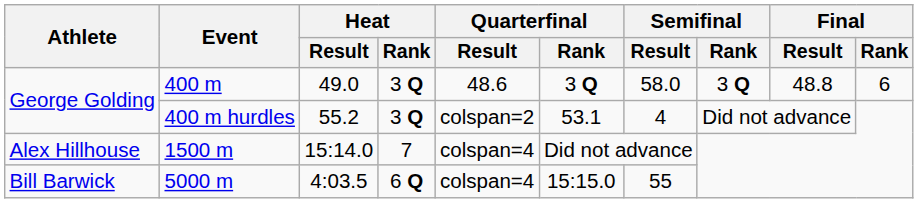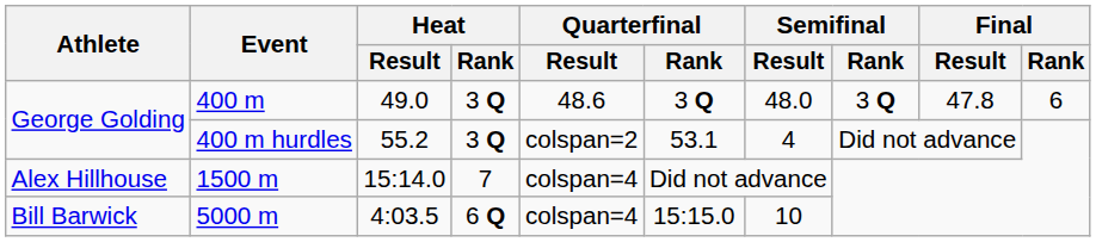 <table class="wikitable" style="font-size:90%">
 <tr>
 <th rowspan=2>Athlete</th>
 <th rowspan=2>Event</th>
 <th colspan=2>Heat</th>
 <th colspan=2>Quarterfinal</th>
 <th colspan=2>Semifinal</th>
 <th colspan=2>Final</th>
 </tr>
 <tr style="font-size:95%">
 <th>Result</th>
 <th>Rank</th>
 <th>Result</th>
 <th>Rank</th>
 <th>Result</th>
 <th>Rank</th>
 <th>Result</th>
 <th>Rank</th>
 </tr>
 <tr align=center>
 <td align=left rowspan=2><a href='#'>George Golding</a></td>
 <td align=left><a href='#'>400 m</a></td>
 <td>49.0</td>
 <td>3 <strong>Q</strong></td>
 <td>48.6</td>
 <td>3 <strong>Q</strong></td>
-<td>58.0</td>
+<td>48.0</td>
 <td>3 <strong>Q</strong></td>
-<td>48.8</td>
+<td>47.8</td>
 <td>6</td>
 </tr>
 <tr align=center>
 <td align=left><a href='#'>400 m hurdles</a></td>
 <td>55.2</td>
 <td>3 <strong>Q</strong></td>
 <td>colspan=2 </td>
 <td>53.1</td>
 <td>4</td>
 <td colspan=2>Did not advance</td>
 </tr>
 <tr align=center>
 <td align=left><a href='#'>Alex Hillhouse</a></td>
 <td align=left><a href='#'>1500 m</a></td>
 <td>15:14.0</td>
 <td>7</td>
 <td>colspan=4 </td>
 <td colspan=2>Did not advance</td>
 </tr>
 <tr align=center>
 <td align=left><a href='#'>Bill Barwick</a></td>
 <td align=left><a href='#'>5000 m</a></td>
 <td>4:03.5</td>
 <td>6 <strong>Q</strong></td>
 <td>colspan=4 </td>
 <td>15:15.0</td>
-<td>55</td>
+<td>10</td>
 </tr>
 </table>
